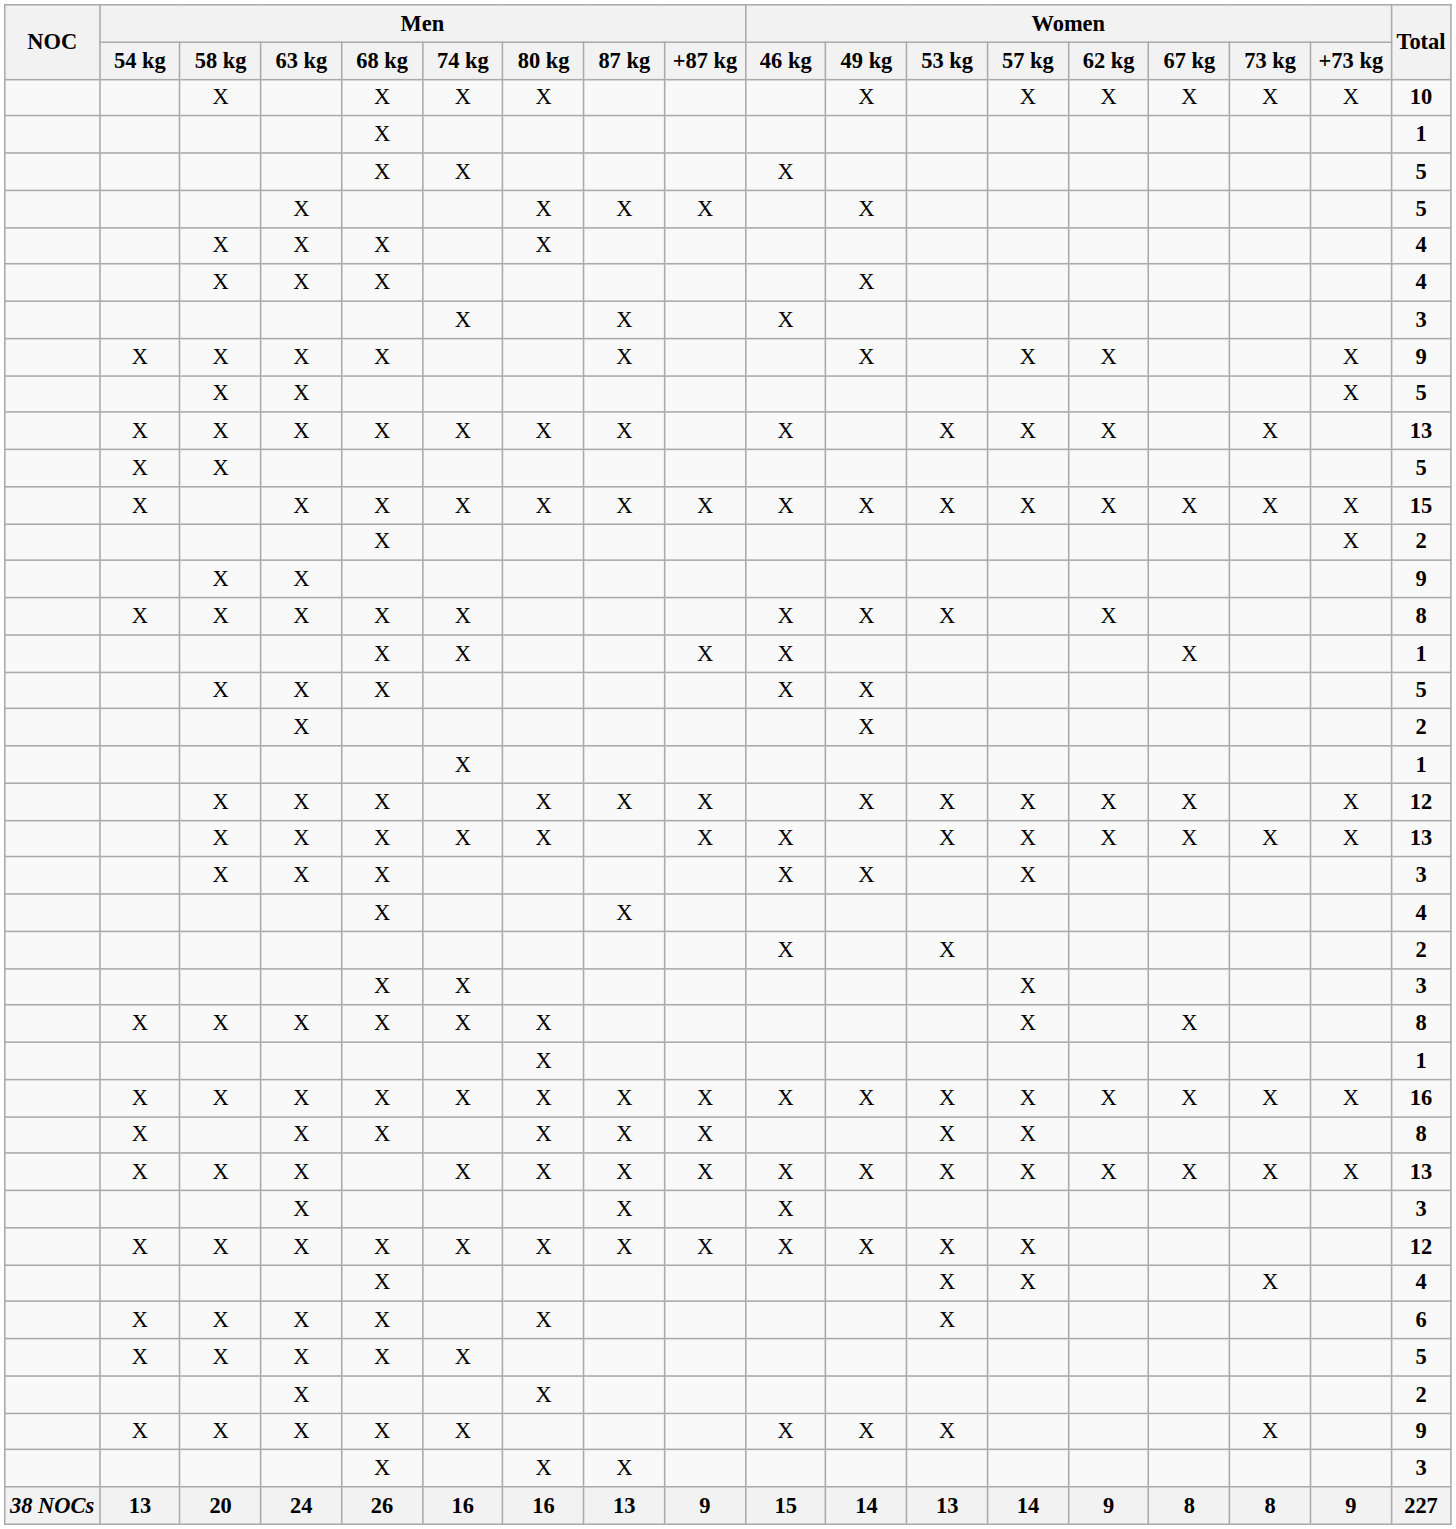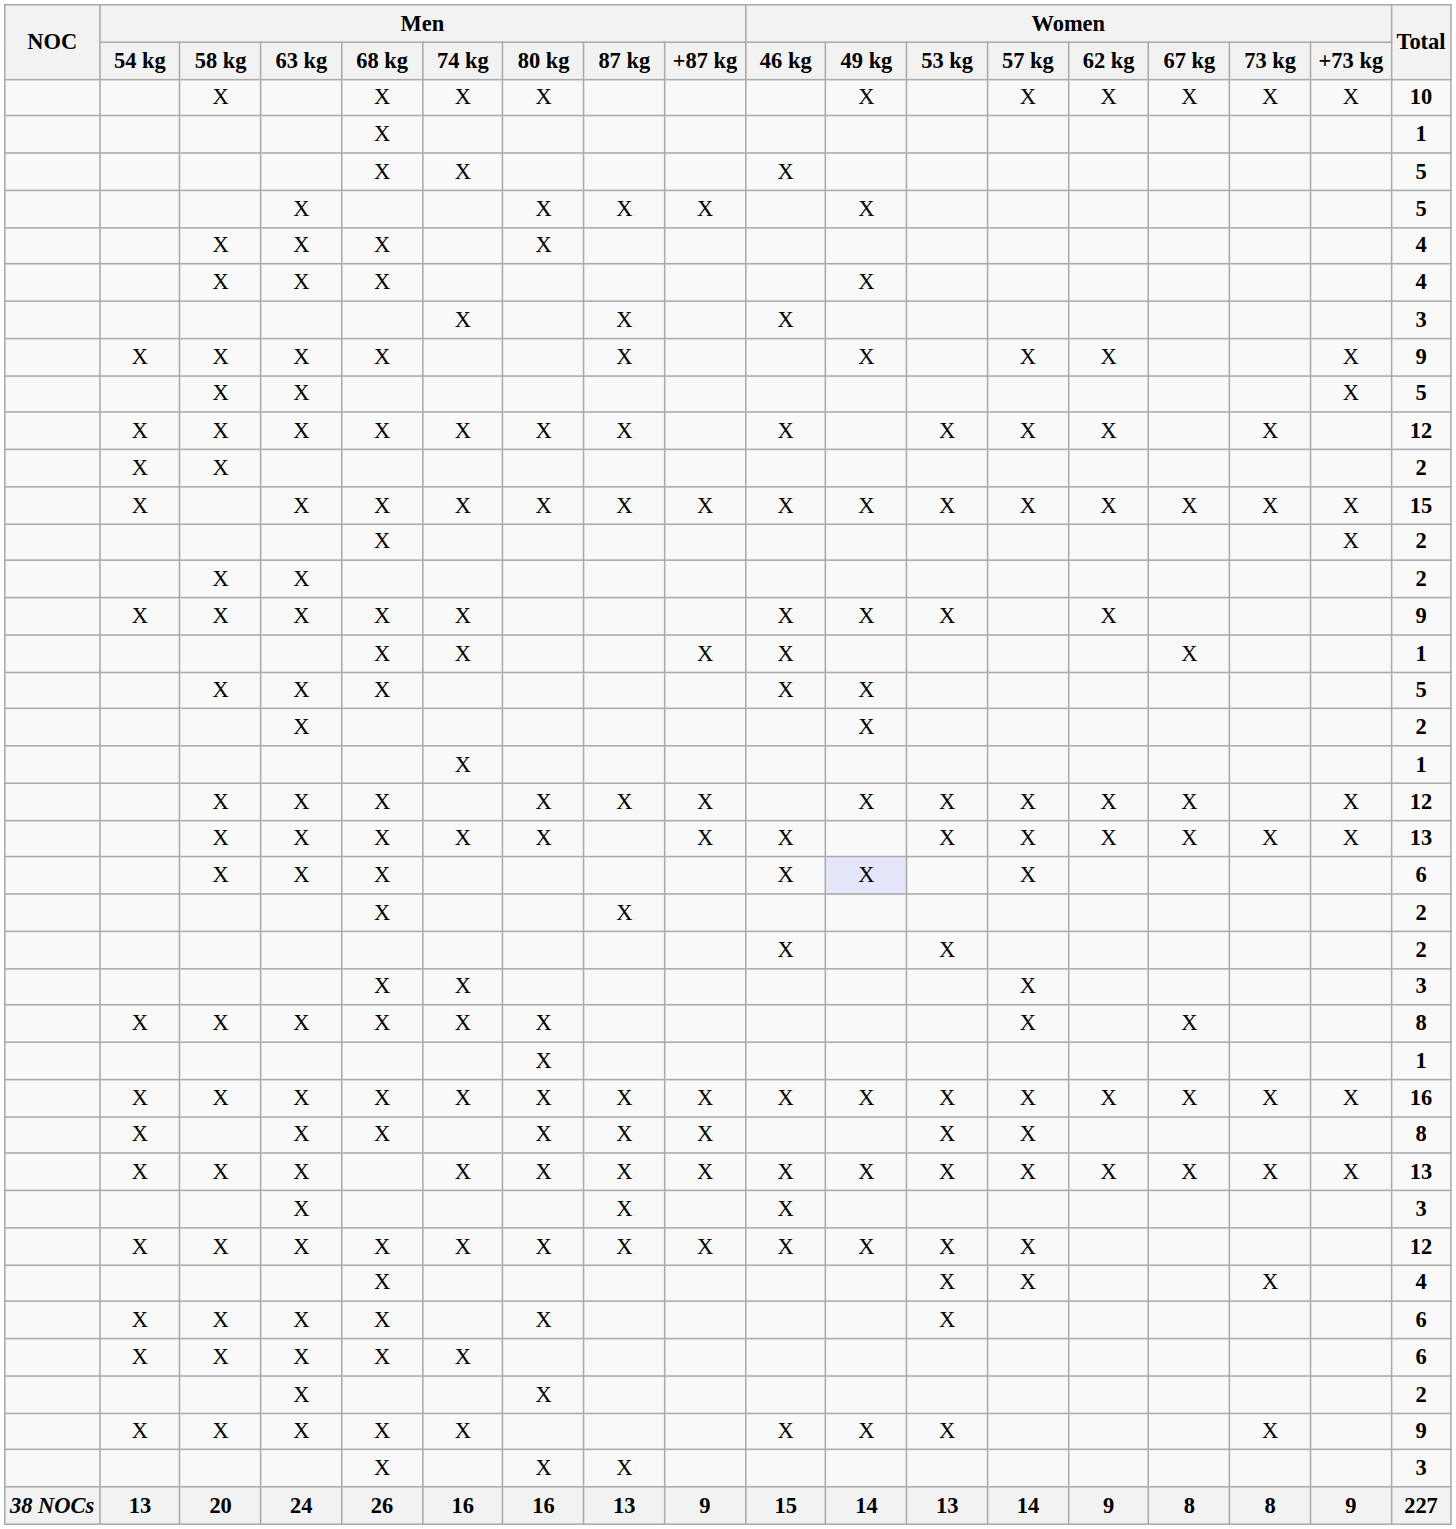 <table class="wikitable collapsible" style="text-align:center; font-size:90%">
 <tr>
 <th rowspan=2>NOC</th>
 <th colspan=8>Men</th>
 <th colspan=8>Women</th>
 <th rowspan=2>Total</th>
 </tr>
 <tr>
 <th width=45>54 kg</th>
 <th width=45>58 kg</th>
 <th width=45>63 kg</th>
 <th width=45>68 kg</th>
 <th width=45>74 kg</th>
 <th width=45>80 kg</th>
 <th width=45>87 kg</th>
 <th width=45>+87 kg</th>
 <th width=45>46 kg</th>
 <th width=45>49 kg</th>
 <th width=45>53 kg</th>
 <th width=45>57 kg</th>
 <th width=45>62 kg</th>
 <th width=45>67 kg</th>
 <th width=45>73 kg</th>
 <th width=45>+73 kg</th>
 </tr>
 <tr>
 <td align=left></td>
 <td></td>
 <td>X</td>
 <td></td>
 <td>X</td>
 <td>X</td>
 <td>X</td>
 <td></td>
 <td></td>
 <td></td>
 <td>X</td>
 <td></td>
 <td>X</td>
 <td>X</td>
 <td>X</td>
 <td>X</td>
 <td>X</td>
 <td><strong>10</strong></td>
 </tr>
 <tr>
 <td align=left></td>
 <td></td>
 <td></td>
 <td></td>
 <td>X</td>
 <td></td>
 <td></td>
 <td></td>
 <td></td>
 <td></td>
 <td></td>
 <td></td>
 <td></td>
 <td></td>
 <td></td>
 <td></td>
 <td></td>
 <td><strong>1</strong></td>
 </tr>
 <tr>
 <td align=left></td>
 <td></td>
 <td></td>
 <td></td>
 <td>X</td>
 <td>X</td>
 <td></td>
 <td></td>
 <td></td>
 <td>X</td>
 <td></td>
 <td></td>
 <td></td>
 <td></td>
 <td></td>
 <td></td>
 <td></td>
 <td><strong>5</strong></td>
 </tr>
 <tr>
 <td align=left></td>
 <td></td>
 <td></td>
 <td>X</td>
 <td></td>
 <td></td>
 <td>X</td>
 <td>X</td>
 <td>X</td>
 <td></td>
 <td>X</td>
 <td></td>
 <td></td>
 <td></td>
 <td></td>
 <td></td>
 <td></td>
 <td><strong>5</strong></td>
 </tr>
 <tr>
 <td align=left></td>
 <td></td>
 <td>X</td>
 <td>X</td>
 <td>X</td>
 <td></td>
 <td>X</td>
 <td></td>
 <td></td>
 <td></td>
 <td></td>
 <td></td>
 <td></td>
 <td></td>
 <td></td>
 <td></td>
 <td></td>
 <td><strong>4</strong></td>
 </tr>
 <tr>
 <td align=left></td>
 <td></td>
 <td>X</td>
 <td>X</td>
 <td>X</td>
 <td></td>
 <td></td>
 <td></td>
 <td></td>
 <td></td>
 <td>X</td>
 <td></td>
 <td></td>
 <td></td>
 <td></td>
 <td></td>
 <td></td>
 <td><strong>4</strong></td>
 </tr>
 <tr>
 <td align=left></td>
 <td></td>
 <td></td>
 <td></td>
 <td></td>
 <td>X</td>
 <td></td>
 <td>X</td>
 <td></td>
 <td>X</td>
 <td></td>
 <td></td>
 <td></td>
 <td></td>
 <td></td>
 <td></td>
 <td></td>
 <td><strong>3</strong></td>
 </tr>
 <tr>
 <td align=left></td>
 <td>X</td>
 <td>X</td>
 <td>X</td>
 <td>X</td>
 <td></td>
 <td></td>
 <td>X</td>
 <td></td>
 <td></td>
 <td>X</td>
 <td></td>
 <td>X</td>
 <td>X</td>
 <td></td>
 <td></td>
 <td>X</td>
 <td><strong>9</strong></td>
 </tr>
 <tr>
 <td align=left></td>
 <td></td>
 <td>X</td>
 <td>X</td>
 <td></td>
 <td></td>
 <td></td>
 <td></td>
 <td></td>
 <td></td>
 <td></td>
 <td></td>
 <td></td>
 <td></td>
 <td></td>
 <td></td>
 <td>X</td>
 <td><strong>5</strong></td>
 </tr>
 <tr>
 <td align=left></td>
 <td>X</td>
 <td>X</td>
 <td>X</td>
 <td>X</td>
 <td>X</td>
 <td>X</td>
 <td>X</td>
 <td></td>
 <td>X</td>
 <td></td>
 <td>X</td>
 <td>X</td>
 <td>X</td>
 <td></td>
 <td>X</td>
 <td></td>
-<td><strong>13</strong></td>
+<td><strong>12</strong></td>
 </tr>
 <tr>
 <td align=left></td>
 <td>X</td>
 <td>X</td>
 <td></td>
 <td></td>
 <td></td>
 <td></td>
 <td></td>
 <td></td>
 <td></td>
 <td></td>
 <td></td>
 <td></td>
 <td></td>
 <td></td>
 <td></td>
 <td></td>
-<td><strong>5</strong></td>
+<td><strong>2</strong></td>
 </tr>
 <tr>
 <td align=left></td>
 <td>X</td>
 <td></td>
 <td>X</td>
 <td>X</td>
 <td>X</td>
 <td>X</td>
 <td>X</td>
 <td>X</td>
 <td>X</td>
 <td>X</td>
 <td>X</td>
 <td>X</td>
 <td>X</td>
 <td>X</td>
 <td>X</td>
 <td>X</td>
 <td><strong>15</strong></td>
 </tr>
 <tr>
 <td align=left></td>
 <td></td>
 <td></td>
 <td></td>
 <td>X</td>
 <td></td>
 <td></td>
 <td></td>
 <td></td>
 <td></td>
 <td></td>
 <td></td>
 <td></td>
 <td></td>
 <td></td>
 <td></td>
 <td>X</td>
 <td><strong>2</strong></td>
 </tr>
 <tr>
 <td align=left></td>
 <td></td>
 <td>X</td>
 <td>X</td>
 <td></td>
 <td></td>
 <td></td>
 <td></td>
 <td></td>
 <td></td>
 <td></td>
 <td></td>
 <td></td>
 <td></td>
 <td></td>
 <td></td>
 <td></td>
-<td><strong>9</strong></td>
+<td><strong>2</strong></td>
 </tr>
 <tr>
 <td align=left></td>
 <td>X</td>
 <td>X</td>
 <td>X</td>
 <td>X</td>
 <td>X</td>
 <td></td>
 <td></td>
 <td></td>
 <td>X</td>
 <td>X</td>
 <td>X</td>
 <td></td>
 <td>X</td>
 <td></td>
 <td></td>
 <td></td>
-<td><strong>8</strong></td>
+<td><strong>9</strong></td>
 </tr>
 <tr>
 <td align=left></td>
 <td></td>
 <td></td>
 <td></td>
 <td>X</td>
 <td>X</td>
 <td></td>
 <td></td>
 <td>X</td>
 <td>X</td>
 <td></td>
 <td></td>
 <td></td>
 <td></td>
 <td>X</td>
 <td></td>
 <td></td>
 <td><strong>1</strong></td>
 </tr>
 <tr>
 <td align=left></td>
 <td></td>
 <td>X</td>
 <td>X</td>
 <td>X</td>
 <td></td>
 <td></td>
 <td></td>
 <td></td>
 <td>X</td>
 <td>X</td>
 <td></td>
 <td></td>
 <td></td>
 <td></td>
 <td></td>
 <td></td>
 <td><strong>5</strong></td>
 </tr>
 <tr>
 <td align=left></td>
 <td></td>
 <td></td>
 <td>X</td>
 <td></td>
 <td></td>
 <td></td>
 <td></td>
 <td></td>
 <td></td>
 <td>X</td>
 <td></td>
 <td></td>
 <td></td>
 <td></td>
 <td></td>
 <td></td>
 <td><strong>2</strong></td>
 </tr>
 <tr>
 <td align=left></td>
 <td></td>
 <td></td>
 <td></td>
 <td></td>
 <td>X</td>
 <td></td>
 <td></td>
 <td></td>
 <td></td>
 <td></td>
 <td></td>
 <td></td>
 <td></td>
 <td></td>
 <td></td>
 <td></td>
 <td><strong>1</strong></td>
 </tr>
 <tr>
 <td align=left></td>
 <td></td>
 <td>X</td>
 <td>X</td>
 <td>X</td>
 <td></td>
 <td>X</td>
 <td>X</td>
 <td>X</td>
 <td></td>
 <td>X</td>
 <td>X</td>
 <td>X</td>
 <td>X</td>
 <td>X</td>
 <td></td>
 <td>X</td>
 <td><strong>12</strong></td>
 </tr>
 <tr>
 <td align=left></td>
 <td></td>
 <td>X</td>
 <td>X</td>
 <td>X</td>
 <td>X</td>
 <td>X</td>
 <td></td>
 <td>X</td>
 <td>X</td>
 <td></td>
 <td>X</td>
 <td>X</td>
 <td>X</td>
 <td>X</td>
 <td>X</td>
 <td>X</td>
 <td><strong>13</strong></td>
 </tr>
 <tr>
 <td align=left></td>
 <td></td>
 <td>X</td>
 <td>X</td>
 <td>X</td>
 <td></td>
 <td></td>
 <td></td>
 <td></td>
 <td>X</td>
-<td>X</td>
+<td style="background: lavender;">X</td>
 <td></td>
 <td>X</td>
 <td></td>
 <td></td>
 <td></td>
 <td></td>
-<td><strong>3</strong></td>
+<td><strong>6</strong></td>
 </tr>
 <tr>
 <td align=left></td>
 <td></td>
 <td></td>
 <td></td>
 <td>X</td>
 <td></td>
 <td></td>
 <td>X</td>
 <td></td>
 <td></td>
 <td></td>
 <td></td>
 <td></td>
 <td></td>
 <td></td>
 <td></td>
 <td></td>
-<td><strong>4</strong></td>
+<td><strong>2</strong></td>
 </tr>
 <tr>
 <td align=left></td>
 <td></td>
 <td></td>
 <td></td>
 <td></td>
 <td></td>
 <td></td>
 <td></td>
 <td></td>
 <td>X</td>
 <td></td>
 <td>X</td>
 <td></td>
 <td></td>
 <td></td>
 <td></td>
 <td></td>
 <td><strong>2</strong></td>
 </tr>
 <tr>
 <td align=left></td>
 <td></td>
 <td></td>
 <td></td>
 <td>X</td>
 <td>X</td>
 <td></td>
 <td></td>
 <td></td>
 <td></td>
 <td></td>
 <td></td>
 <td>X</td>
 <td></td>
 <td></td>
 <td></td>
 <td></td>
 <td><strong>3</strong></td>
 </tr>
 <tr>
 <td align=left></td>
 <td>X</td>
 <td>X</td>
 <td>X</td>
 <td>X</td>
 <td>X</td>
 <td>X</td>
 <td></td>
 <td></td>
 <td></td>
 <td></td>
 <td></td>
 <td>X</td>
 <td></td>
 <td>X</td>
 <td></td>
 <td></td>
 <td><strong>8</strong></td>
 </tr>
 <tr>
 <td align=left></td>
 <td></td>
 <td></td>
 <td></td>
 <td></td>
 <td></td>
 <td>X</td>
 <td></td>
 <td></td>
 <td></td>
 <td></td>
 <td></td>
 <td></td>
 <td></td>
 <td></td>
 <td></td>
 <td></td>
 <td><strong>1</strong></td>
 </tr>
 <tr>
 <td align=left></td>
 <td>X</td>
 <td>X</td>
 <td>X</td>
 <td>X</td>
 <td>X</td>
 <td>X</td>
 <td>X</td>
 <td>X</td>
 <td>X</td>
 <td>X</td>
 <td>X</td>
 <td>X</td>
 <td>X</td>
 <td>X</td>
 <td>X</td>
 <td>X</td>
 <td><strong>16</strong></td>
 </tr>
 <tr>
 <td align=left></td>
 <td>X</td>
 <td></td>
 <td>X</td>
 <td>X</td>
 <td></td>
 <td>X</td>
 <td>X</td>
 <td>X</td>
 <td></td>
 <td></td>
 <td>X</td>
 <td>X</td>
 <td></td>
 <td></td>
 <td></td>
 <td></td>
 <td><strong>8</strong></td>
 </tr>
 <tr>
 <td align=left></td>
 <td>X</td>
 <td>X</td>
 <td>X</td>
 <td></td>
 <td>X</td>
 <td>X</td>
 <td>X</td>
 <td>X</td>
 <td>X</td>
 <td>X</td>
 <td>X</td>
 <td>X</td>
 <td>X</td>
 <td>X</td>
 <td>X</td>
 <td>X</td>
 <td><strong>13</strong></td>
 </tr>
 <tr>
 <td align=left></td>
 <td></td>
 <td></td>
 <td>X</td>
 <td></td>
 <td></td>
 <td></td>
 <td>X</td>
 <td></td>
 <td>X</td>
 <td></td>
 <td></td>
 <td></td>
 <td></td>
 <td></td>
 <td></td>
 <td></td>
 <td><strong>3</strong></td>
 </tr>
 <tr>
 <td align=left></td>
 <td>X</td>
 <td>X</td>
 <td>X</td>
 <td>X</td>
 <td>X</td>
 <td>X</td>
 <td>X</td>
 <td>X</td>
 <td>X</td>
 <td>X</td>
 <td>X</td>
 <td>X</td>
 <td></td>
 <td></td>
 <td></td>
 <td></td>
 <td><strong>12</strong></td>
 </tr>
 <tr>
 <td align=left></td>
 <td></td>
 <td></td>
 <td></td>
 <td>X</td>
 <td></td>
 <td></td>
 <td></td>
 <td></td>
 <td></td>
 <td></td>
 <td>X</td>
 <td>X</td>
 <td></td>
 <td></td>
 <td>X</td>
 <td></td>
 <td><strong>4</strong></td>
 </tr>
 <tr>
 <td align=left></td>
 <td>X</td>
 <td>X</td>
 <td>X</td>
 <td>X</td>
 <td></td>
 <td>X</td>
 <td></td>
 <td></td>
 <td></td>
 <td></td>
 <td>X</td>
 <td></td>
 <td></td>
 <td></td>
 <td></td>
 <td></td>
 <td><strong>6</strong></td>
 </tr>
 <tr>
 <td align=left></td>
 <td>X</td>
 <td>X</td>
 <td>X</td>
 <td>X</td>
 <td>X</td>
 <td></td>
 <td></td>
 <td></td>
 <td></td>
 <td></td>
 <td></td>
 <td></td>
 <td></td>
 <td></td>
 <td></td>
 <td></td>
-<td><strong>5</strong></td>
+<td><strong>6</strong></td>
 </tr>
 <tr>
 <td align=left></td>
 <td></td>
 <td></td>
 <td>X</td>
 <td></td>
 <td></td>
 <td>X</td>
 <td></td>
 <td></td>
 <td></td>
 <td></td>
 <td></td>
 <td></td>
 <td></td>
 <td></td>
 <td></td>
 <td></td>
 <td><strong>2</strong></td>
 </tr>
 <tr>
 <td align=left></td>
 <td>X</td>
 <td>X</td>
 <td>X</td>
 <td>X</td>
 <td>X</td>
 <td></td>
 <td></td>
 <td></td>
 <td>X</td>
 <td>X</td>
 <td>X</td>
 <td></td>
 <td></td>
 <td></td>
 <td>X</td>
 <td></td>
 <td><strong>9</strong></td>
 </tr>
 <tr>
 <td align=left></td>
 <td></td>
 <td></td>
 <td></td>
 <td>X</td>
 <td></td>
 <td>X</td>
 <td>X</td>
 <td></td>
 <td></td>
 <td></td>
 <td></td>
 <td></td>
 <td></td>
 <td></td>
 <td></td>
 <td></td>
 <td><strong>3</strong></td>
 </tr>
 <tr>
 <th><em>38 NOCs</em></th>
 <th>13</th>
 <th>20</th>
 <th>24</th>
 <th>26</th>
 <th>16</th>
 <th>16</th>
 <th>13</th>
 <th>9</th>
 <th>15</th>
 <th>14</th>
 <th>13</th>
 <th>14</th>
 <th>9</th>
 <th>8</th>
 <th>8</th>
 <th>9</th>
 <th>227</th>
 </tr>
 </table>
